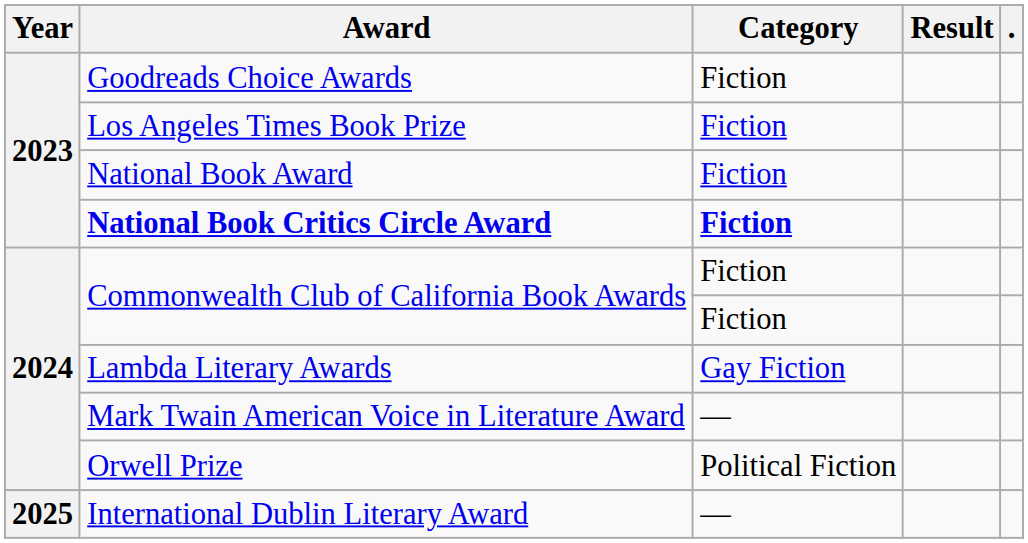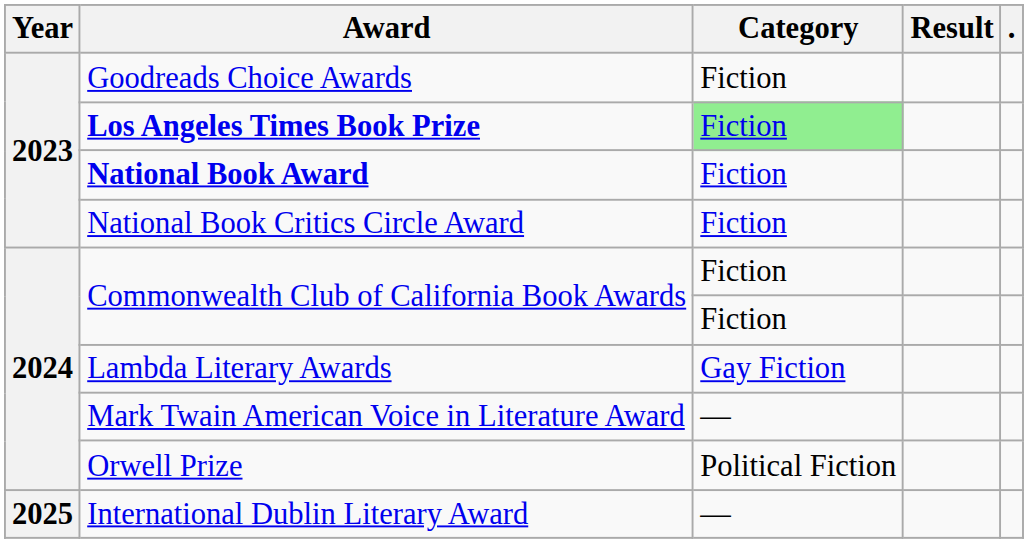 <table class="wikitable sortable">
 <tr>
 <th>Year</th>
 <th>Award</th>
 <th>Category</th>
 <th>Result</th>
 <th>.</th>
 </tr>
 <tr>
 <th rowspan="4">2023</th>
 <td><a href='#'>Goodreads Choice Awards</a></td>
 <td>Fiction</td>
 <td></td>
 <td></td>
 </tr>
 <tr>
-<td><a href='#'>Los Angeles Times Book Prize</a></td>
+<td><strong><a href='#'>Los Angeles Times Book Prize</a></strong></td>
+<td style="background: lightgreen;"><a href='#'>Fiction</a></td>
+<td></td>
+<td></td>
+</tr>
+<tr>
+<td><strong><a href='#'>National Book Award</a></strong></td>
 <td><a href='#'>Fiction</a></td>
 <td></td>
 <td></td>
 </tr>
 <tr>
-<td><a href='#'>National Book Award</a></td>
+<td><a href='#'>National Book Critics Circle Award</a></td>
 <td><a href='#'>Fiction</a></td>
-<td></td>
-<td></td>
-</tr>
-<tr>
-<td><strong><a href='#'>National Book Critics Circle Award</a></strong></td>
-<td><strong><a href='#'>Fiction</a></strong></td>
 <td></td>
 <td></td>
 </tr>
 <tr>
 <th rowspan="5">2024</th>
 <td rowspan="2"><a href='#'>Commonwealth Club of California Book Awards</a></td>
 <td>Fiction</td>
 <td></td>
 <td></td>
 </tr>
 <tr>
 <td>Fiction</td>
 <td></td>
 <td></td>
 </tr>
 <tr>
 <td><a href='#'>Lambda Literary Awards</a></td>
 <td><a href='#'>Gay Fiction</a></td>
 <td></td>
 <td></td>
 </tr>
 <tr>
 <td><a href='#'>Mark Twain American Voice in Literature Award</a></td>
 <td>—</td>
 <td></td>
 <td></td>
 </tr>
 <tr>
 <td><a href='#'>Orwell Prize</a></td>
 <td>Political Fiction</td>
 <td></td>
 <td></td>
 </tr>
 <tr>
 <th>2025</th>
 <td><a href='#'>International Dublin Literary Award</a></td>
 <td>—</td>
 <td></td>
 <td></td>
 </tr>
 </table>
